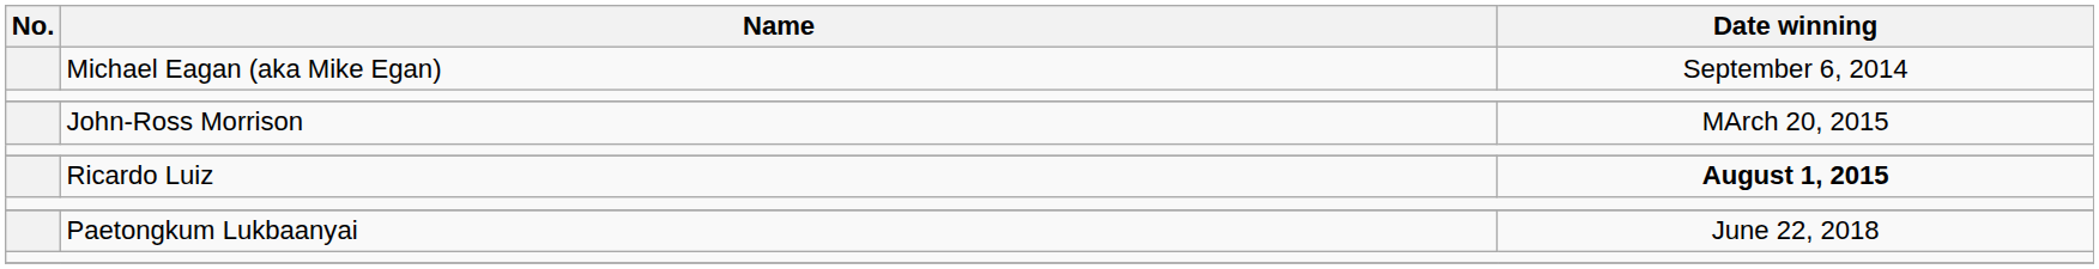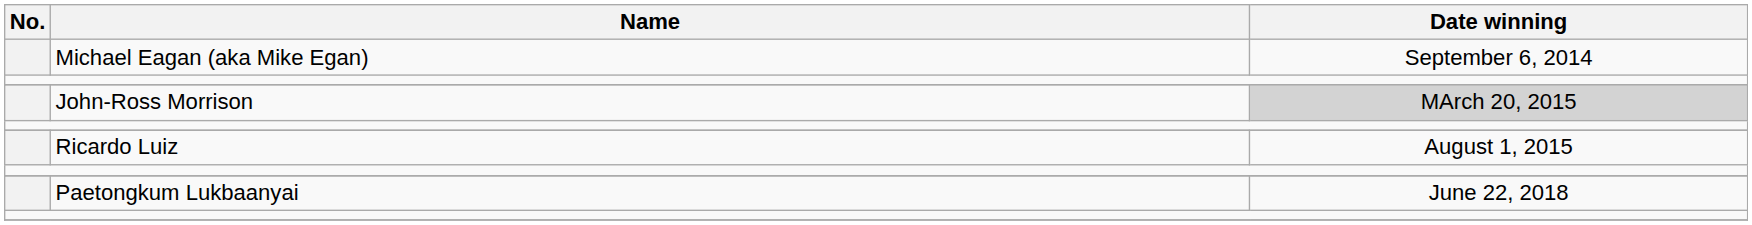 <table class="wikitable" width=100%>
 <tr>
 <th style="width:1%;">No.</th>
 <th style="width:70%;">Name</th>
 <th style="width:29%;">Date winning</th>
 </tr>
 <tr align=center>
 <th></th>
 <td align=left> Michael Eagan (aka Mike Egan)</td>
 <td>September 6, 2014</td>
 </tr>
 <tr>
 <td colspan="6"></td>
 </tr>
 <tr>
 </tr>
 <tr align=center>
 <th></th>
 <td align=left> John-Ross Morrison</td>
-<td>MArch 20, 2015</td>
+<td style="background: lightgrey;">MArch 20, 2015</td>
 </tr>
 <tr>
 <td colspan="6"></td>
 </tr>
 <tr>
 </tr>
 <tr align=center>
 <th></th>
 <td align=left> Ricardo Luiz</td>
-<td><strong>August 1, 2015</strong></td>
+<td>August 1, 2015</td>
 </tr>
 <tr>
 <td colspan="6"></td>
 </tr>
 <tr>
 </tr>
 <tr align=center>
 <th></th>
 <td align=left> Paetongkum Lukbaanyai</td>
 <td>June 22, 2018</td>
 </tr>
 <tr>
 <td colspan="6"></td>
 </tr>
 <tr>
 </tr>
 </table>
